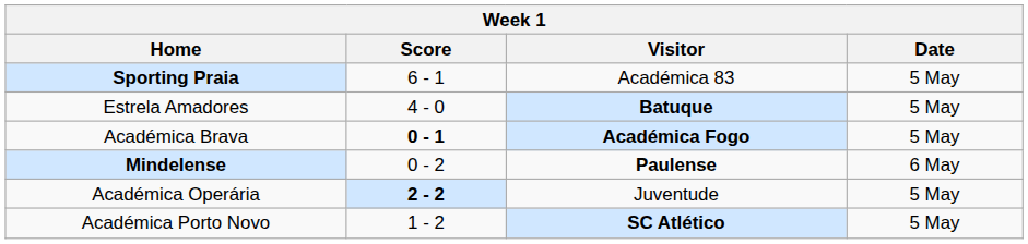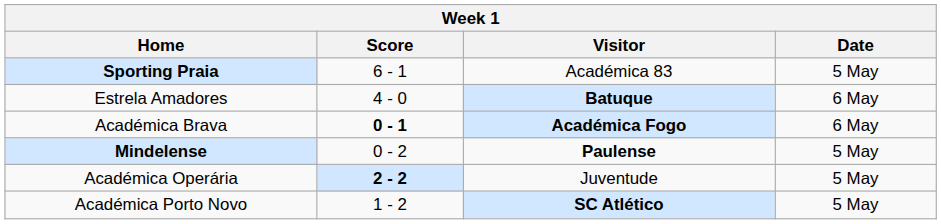 <table class="wikitable" style="font-size:95%; text-align: center; width: 95%; margin:1em auto;">
 <tr>
 <th colspan="12" style="with: 100%;">Week 1</th>
 </tr>
 <tr>
 <th width="200">Home</th>
 <th width="90">Score</th>
 <th width="200">Visitor</th>
 <th width="100">Date</th>
 </tr>
 <tr>
 <td bgcolor=#D0E7FF><strong>Sporting Praia</strong></td>
 <td>6 - 1</td>
 <td>Académica 83</td>
 <td>5 May</td>
 </tr>
 <tr>
 <td>Estrela Amadores</td>
 <td>4 - 0</td>
 <td bgcolor=#D0E7FF><strong>Batuque</strong></td>
-<td>5 May</td>
+<td>6 May</td>
 </tr>
 <tr>
 <td>Académica Brava</td>
 <td><strong>0 - 1</strong></td>
 <td bgcolor=#D0E7FF><strong>Académica Fogo</strong></td>
-<td>5 May</td>
+<td>6 May</td>
 </tr>
 <tr>
 <td bgcolor=#D0E7FF><strong>Mindelense</strong></td>
 <td>0 - 2</td>
 <td><strong>Paulense</strong></td>
-<td>6 May</td>
+<td>5 May</td>
 </tr>
 <tr>
 <td>Académica Operária</td>
 <td bgcolor=#D0E7FF><strong>2 - 2</strong></td>
 <td>Juventude</td>
 <td>5 May</td>
 </tr>
 <tr>
 <td>Académica Porto Novo</td>
 <td>1 - 2</td>
 <td bgcolor=#D0E7FF><strong>SC Atlético</strong></td>
 <td>5 May</td>
 </tr>
 </table>
